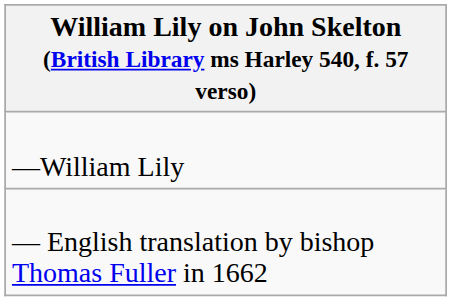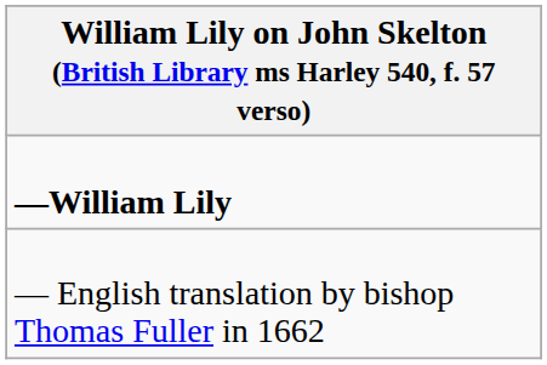 <table class="wikitable" style="float:right; margin:0.5em;" width="20%">
 <tr>
 <th>William Lily on John Skelton<br><small>(<a href='#'>British Library</a> ms Harley 540, f. 57 verso)</small></th>
 </tr>
 <tr>
-<td><br>—William Lily</td>
+<td><strong><br>—William Lily</strong></td>
 </tr>
 <tr>
 <td><br>— English translation by bishop <a href='#'>Thomas Fuller</a> in 1662</td>
 </tr>
 </table>
